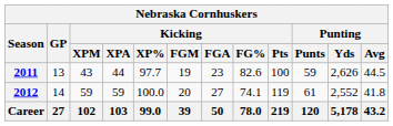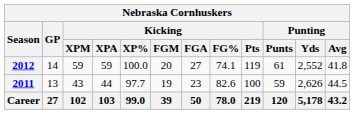 <table class=wikitable style="text-align:center;">
 <tr>
 <th colspan="12">Nebraska Cornhuskers</th>
 </tr>
 <tr>
 <th rowspan="2">Season</th>
 <th rowspan="2">GP</th>
 <th colspan="7">Kicking</th>
 <th colspan="3">Punting</th>
 </tr>
 <tr>
 <th>XPM</th>
 <th>XPA</th>
 <th>XP%</th>
 <th>FGM</th>
 <th>FGA</th>
 <th>FG%</th>
 <th>Pts</th>
 <th>Punts</th>
 <th>Yds</th>
 <th>Avg</th>
 </tr>
 <tr>
+<th><a href='#'>2012</a></th>
+<td>14</td>
+<td>59</td>
+<td>59</td>
+<td>100.0</td>
+<td>20</td>
+<td>27</td>
+<td>74.1</td>
+<td>119</td>
+<td>61</td>
+<td>2,552</td>
+<td>41.8</td>
+</tr>
+<tr>
 <th><a href='#'>2011</a></th>
 <td>13</td>
 <td>43</td>
 <td>44</td>
 <td>97.7</td>
 <td>19</td>
 <td>23</td>
 <td>82.6</td>
 <td>100</td>
 <td>59</td>
 <td>2,626</td>
 <td>44.5</td>
-</tr>
-<tr>
-<th><a href='#'>2012</a></th>
-<td>14</td>
-<td>59</td>
-<td>59</td>
-<td>100.0</td>
-<td>20</td>
-<td>27</td>
-<td>74.1</td>
-<td>119</td>
-<td>61</td>
-<td>2,552</td>
-<td>41.8</td>
 </tr>
 <tr>
 <th>Career</th>
 <th>27</th>
 <th>102</th>
 <th>103</th>
 <th>99.0</th>
 <th>39</th>
 <th>50</th>
 <th>78.0</th>
 <th>219</th>
 <th>120</th>
 <th>5,178</th>
 <th>43.2</th>
 </tr>
 </table>
